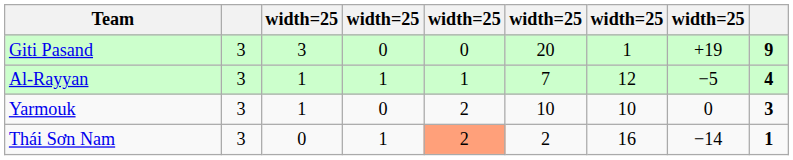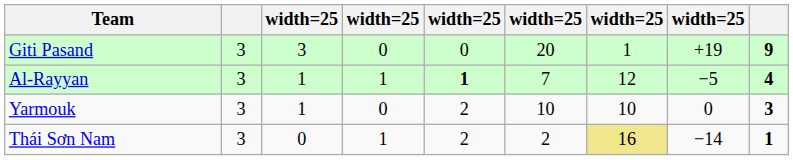 <table class="wikitable" style="text-align: center; font-size: 90%;">
 <tr>
 <th width="165">Team</th>
 <th width=25></th>
 <th>width=25</th>
 <th>width=25</th>
 <th>width=25</th>
 <th>width=25</th>
 <th>width=25</th>
 <th>width=25</th>
 <th width=25></th>
 </tr>
 <tr align=center bgcolor="ccffcc">
 <td style="text-align:left;"> <a href='#'>Giti Pasand</a></td>
 <td>3</td>
 <td>3</td>
 <td>0</td>
 <td>0</td>
 <td>20</td>
 <td>1</td>
 <td>+19</td>
 <td><strong>9</strong></td>
 </tr>
 <tr align=center bgcolor="ccffcc">
 <td style="text-align:left;"> <a href='#'>Al-Rayyan</a></td>
 <td>3</td>
 <td>1</td>
 <td>1</td>
-<td>1</td>
+<td><strong>1</strong></td>
 <td>7</td>
 <td>12</td>
 <td>−5</td>
 <td><strong>4</strong></td>
 </tr>
 <tr>
 <td style="text-align:left;"> <a href='#'>Yarmouk</a></td>
 <td>3</td>
 <td>1</td>
 <td>0</td>
 <td>2</td>
 <td>10</td>
 <td>10</td>
 <td>0</td>
 <td><strong>3</strong></td>
 </tr>
 <tr>
 <td style="text-align:left;"> <a href='#'>Thái Sơn Nam</a></td>
 <td>3</td>
 <td>0</td>
 <td>1</td>
-<td style="background: lightsalmon;">2</td>
 <td>2</td>
-<td>16</td>
+<td>2</td>
+<td style="background: khaki;">16</td>
 <td>−14</td>
 <td><strong>1</strong></td>
 </tr>
 </table>
